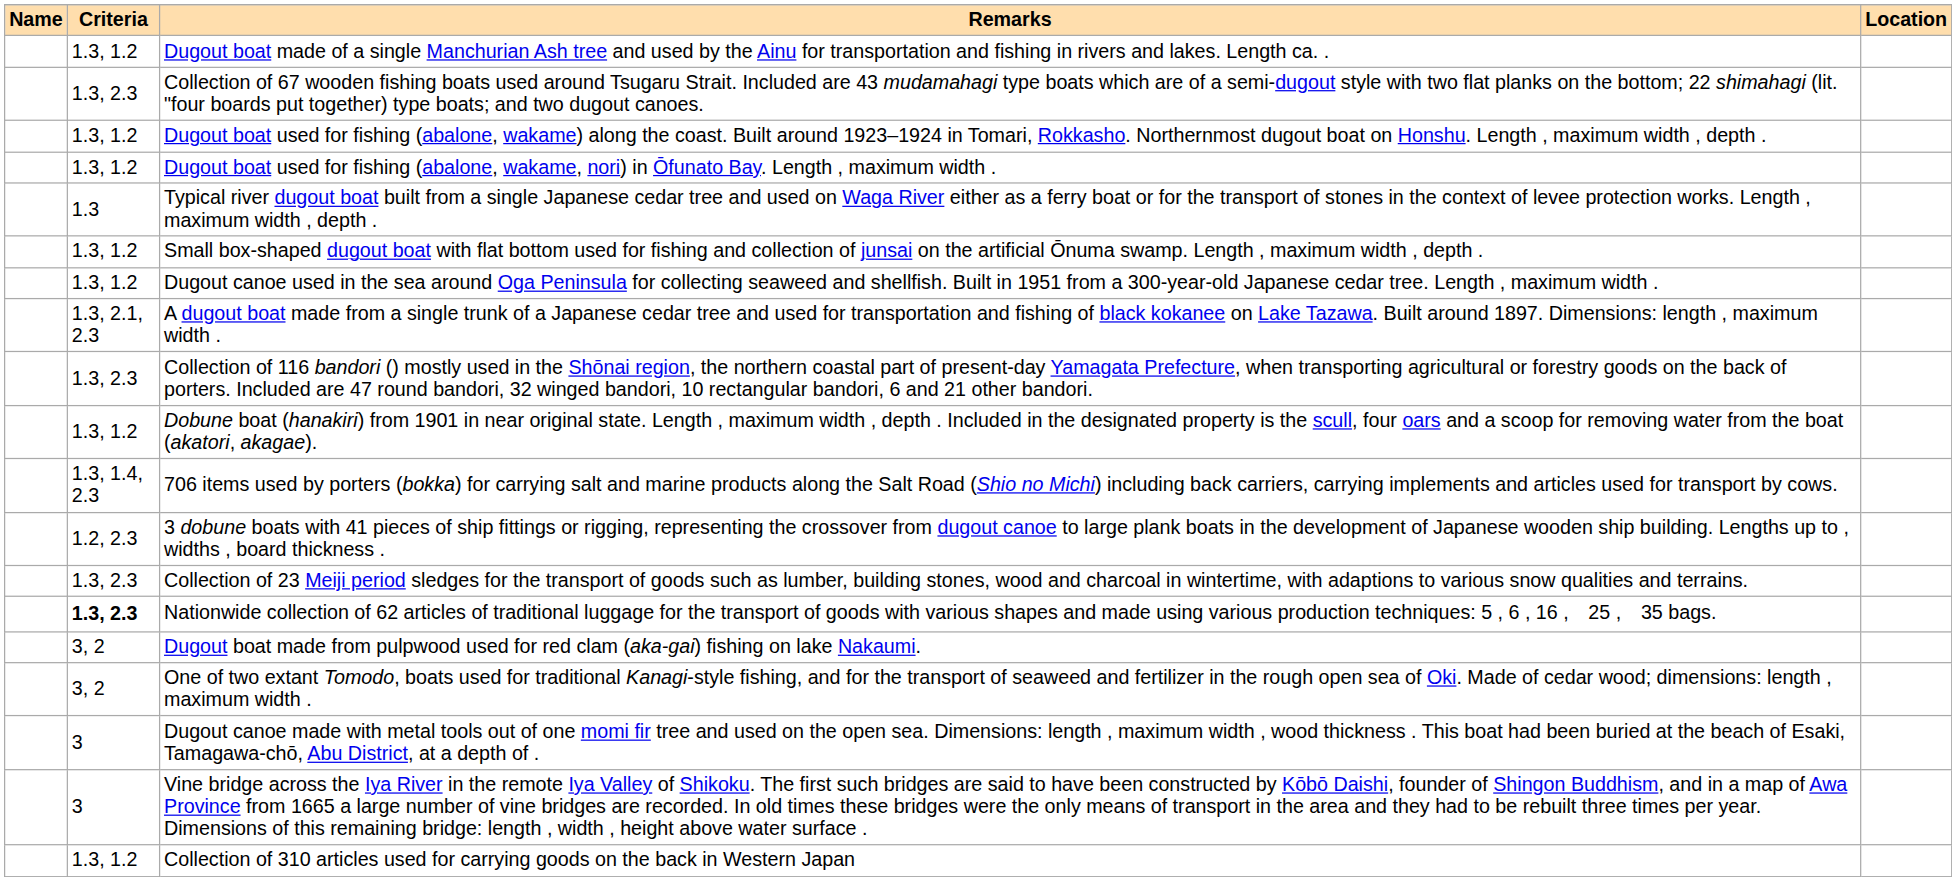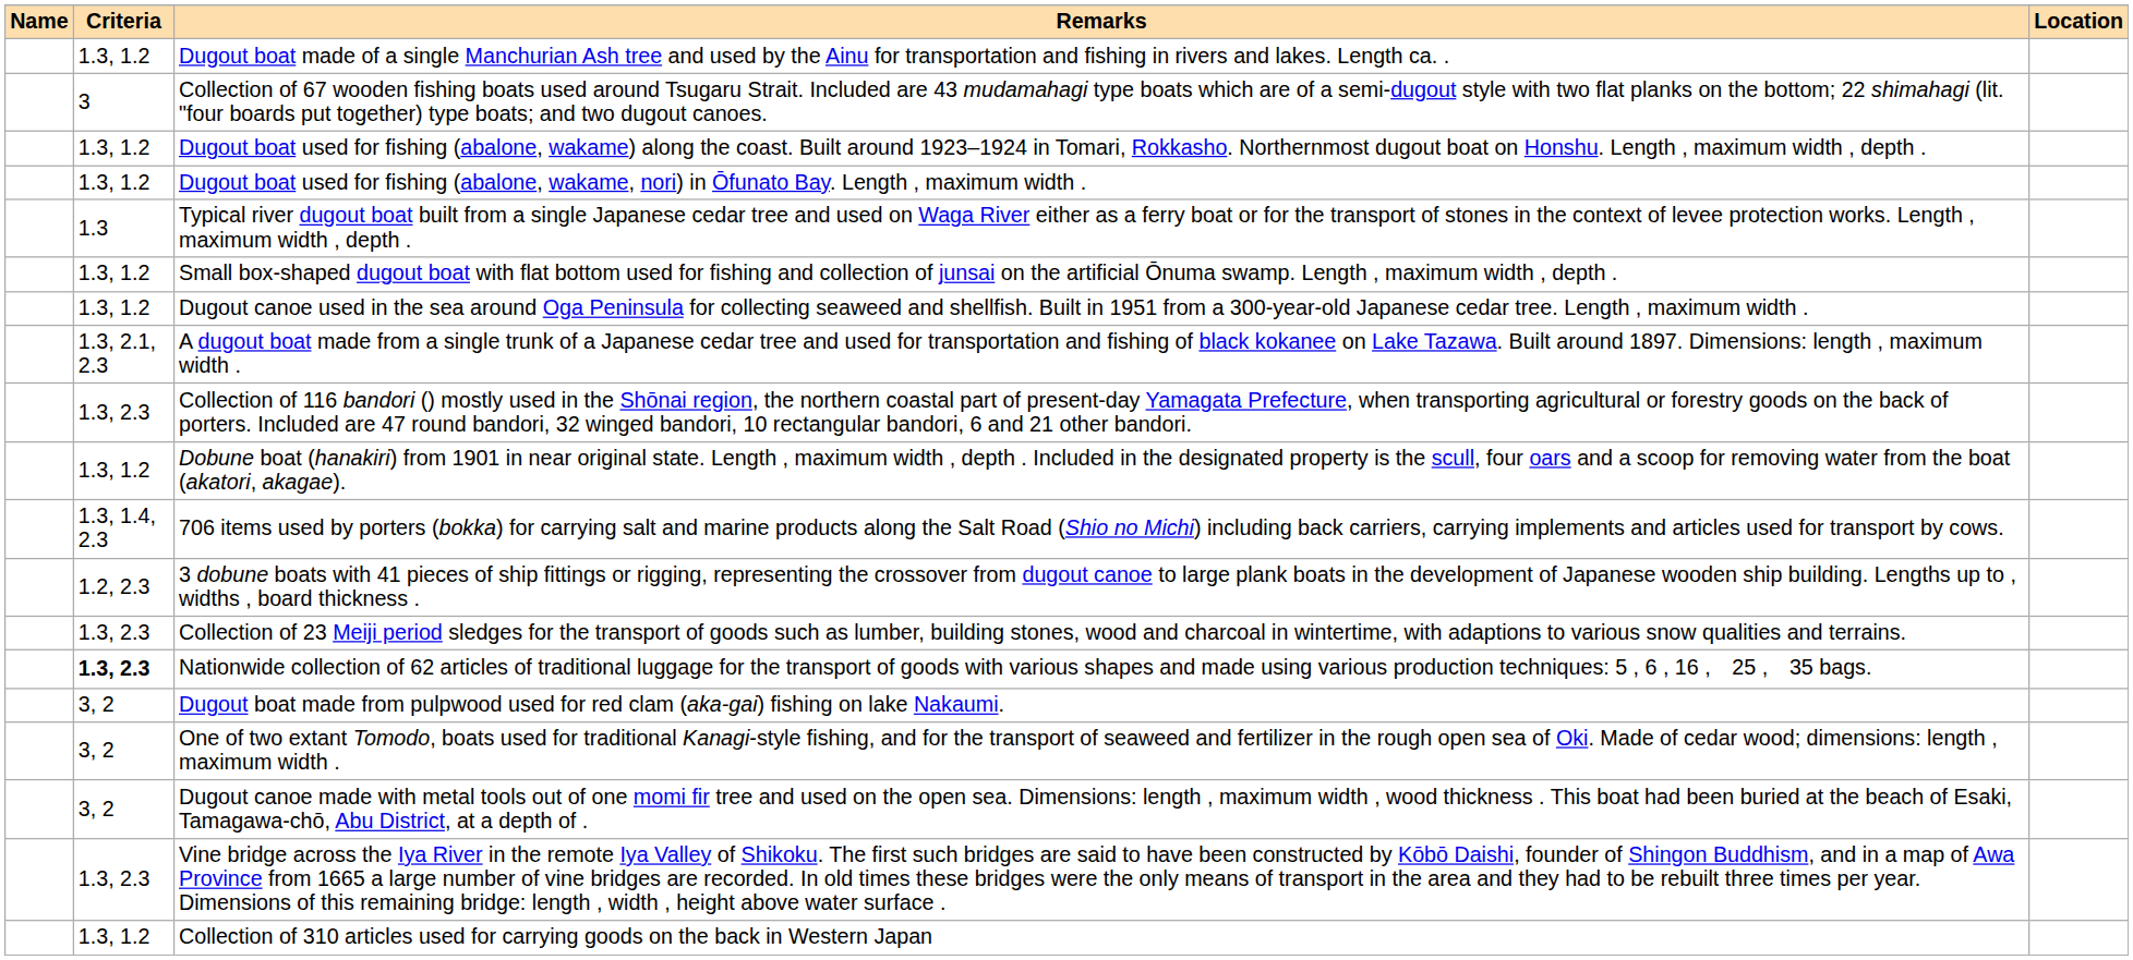 <table class="wikitable sortable" width="100%" style="background:#ffffff;">
 <tr>
 </tr>
 <tr>
 <th scope="col" align="left" style="background:#ffdead;">Name</th>
 <th scope="col" align="left" style="background:#ffdead;">Criteria</th>
 <th scope="col" align="left" style="background:#ffdead;" class="unsortable">Remarks</th>
 <th scope="col" style="background:#ffdead;">Location</th>
 </tr>
 <tr>
 <td></td>
 <td>1.3, 1.2</td>
 <td><a href='#'>Dugout boat</a> made of a single <a href='#'>Manchurian Ash tree</a> and used by the <a href='#'>Ainu</a> for transportation and fishing in rivers and lakes. Length ca. .</td>
 <td></td>
 </tr>
 <tr>
 <td></td>
-<td>1.3, 2.3</td>
+<td>3</td>
 <td>Collection of 67 wooden fishing boats used around Tsugaru Strait. Included are 43 <em>mudamahagi</em> type boats which are of a semi-<a href='#'>dugout</a> style with two flat planks on the bottom; 22 <em>shimahagi</em> (lit. "four boards put together) type boats; and two dugout canoes.</td>
 <td></td>
 </tr>
 <tr>
 <td></td>
 <td>1.3, 1.2</td>
 <td><a href='#'>Dugout boat</a> used for fishing (<a href='#'>abalone</a>, <a href='#'>wakame</a>) along the coast. Built around 1923–1924 in Tomari, <a href='#'>Rokkasho</a>. Northernmost dugout boat on <a href='#'>Honshu</a>. Length , maximum width , depth .</td>
 <td></td>
 </tr>
 <tr>
 <td></td>
 <td>1.3, 1.2</td>
 <td><a href='#'>Dugout boat</a> used for fishing (<a href='#'>abalone</a>, <a href='#'>wakame</a>, <a href='#'>nori</a>) in <a href='#'>Ōfunato Bay</a>. Length , maximum width .</td>
 <td></td>
 </tr>
 <tr>
 <td></td>
 <td>1.3</td>
 <td>Typical river <a href='#'>dugout boat</a> built from a single Japanese cedar tree and used on <a href='#'>Waga River</a> either as a ferry boat or for the transport of stones in the context of levee protection works. Length , maximum width , depth .</td>
 <td></td>
 </tr>
 <tr>
 <td></td>
 <td>1.3, 1.2</td>
 <td>Small box-shaped <a href='#'>dugout boat</a> with flat bottom used for fishing and collection of <a href='#'>junsai</a> on the artificial Ōnuma swamp. Length , maximum width , depth .</td>
 <td></td>
 </tr>
 <tr>
 <td></td>
 <td>1.3, 1.2</td>
 <td>Dugout canoe used in the sea around <a href='#'>Oga Peninsula</a> for collecting seaweed and shellfish. Built in 1951 from a 300-year-old Japanese cedar tree. Length , maximum width .</td>
 <td></td>
 </tr>
 <tr>
 <td></td>
 <td>1.3, 2.1, 2.3</td>
 <td>A <a href='#'>dugout boat</a> made from a single trunk of a Japanese cedar tree and used for transportation and fishing of <a href='#'>black kokanee</a> on <a href='#'>Lake Tazawa</a>. Built around 1897. Dimensions: length , maximum width .</td>
 <td></td>
 </tr>
 <tr>
 <td></td>
 <td>1.3, 2.3</td>
 <td>Collection of 116 <em>bandori</em> () mostly used in the <a href='#'>Shōnai region</a>, the northern coastal part of present-day <a href='#'>Yamagata Prefecture</a>, when transporting agricultural or forestry goods on the back of porters. Included are 47 round bandori, 32 winged bandori, 10 rectangular bandori, 6  and 21 other bandori.</td>
 <td></td>
 </tr>
 <tr>
 <td></td>
 <td>1.3, 1.2</td>
 <td><em>Dobune</em> boat (<em>hanakiri</em>) from 1901 in near original state. Length , maximum width , depth . Included in the designated property is the <a href='#'>scull</a>, four <a href='#'>oars</a> and a scoop for removing water from the boat (<em>akatori</em>, <em>akagae</em>).</td>
 <td></td>
 </tr>
 <tr>
 <td></td>
 <td>1.3, 1.4, 2.3</td>
 <td>706 items used by porters (<em>bokka</em>) for carrying salt and marine products along the Salt Road (<em><a href='#'>Shio no Michi</a></em>) including back carriers, carrying implements and articles used for transport by cows.</td>
 <td></td>
 </tr>
 <tr>
 <td></td>
 <td>1.2, 2.3</td>
 <td>3 <em>dobune</em> boats with 41 pieces of ship fittings or rigging, representing the crossover from <a href='#'>dugout canoe</a> to large plank boats in the development of Japanese wooden ship building. Lengths up to , widths , board thickness .</td>
 <td></td>
 </tr>
 <tr>
 <td></td>
 <td>1.3, 2.3</td>
 <td>Collection of 23 <a href='#'>Meiji period</a> sledges for the transport of goods such as lumber, building stones, wood and charcoal in wintertime, with adaptions to various snow qualities and terrains.</td>
 <td></td>
 </tr>
 <tr>
 <td></td>
 <td><strong>1.3, 2.3</strong></td>
 <td>Nationwide collection of 62 articles of traditional luggage for the transport of goods with various shapes and made using various production techniques: 5 , 6 , 16 ,　25 ,　35 bags.</td>
 <td></td>
 </tr>
 <tr>
 <td></td>
 <td>3, 2</td>
 <td><a href='#'>Dugout</a> boat made from pulpwood used for red clam (<em>aka-gai</em>) fishing on lake <a href='#'>Nakaumi</a>.</td>
 <td></td>
 </tr>
 <tr>
 <td></td>
 <td>3, 2</td>
 <td>One of two extant <em>Tomodo</em>, boats used for traditional <em>Kanagi</em>-style fishing, and for the transport of seaweed and fertilizer in the rough open sea of <a href='#'>Oki</a>. Made of cedar wood; dimensions: length , maximum width .</td>
 <td></td>
 </tr>
 <tr>
 <td></td>
-<td>3</td>
+<td>3, 2</td>
 <td>Dugout canoe made with metal tools out of one <a href='#'>momi fir</a> tree and used on the open sea. Dimensions: length , maximum width , wood thickness . This boat had been buried at the beach of Esaki, Tamagawa-chō, <a href='#'>Abu District</a>, at a depth of .</td>
 <td></td>
 </tr>
 <tr>
 <td></td>
-<td>3</td>
+<td>1.3, 2.3</td>
 <td>Vine bridge across the <a href='#'>Iya River</a> in the remote <a href='#'>Iya Valley</a> of <a href='#'>Shikoku</a>. The first such bridges are said to have been constructed by <a href='#'>Kōbō Daishi</a>, founder of <a href='#'>Shingon Buddhism</a>, and in a map of <a href='#'>Awa Province</a> from 1665 a large number of vine bridges are recorded.  In old times these bridges were the only means of transport in the area and they had to be rebuilt three times per year. Dimensions of this remaining bridge: length , width , height above water surface .</td>
 <td></td>
 </tr>
 <tr>
 <td></td>
 <td>1.3, 1.2</td>
 <td>Collection of 310 articles used for carrying goods on the back in Western Japan</td>
 <td></td>
 </tr>
 </table>
